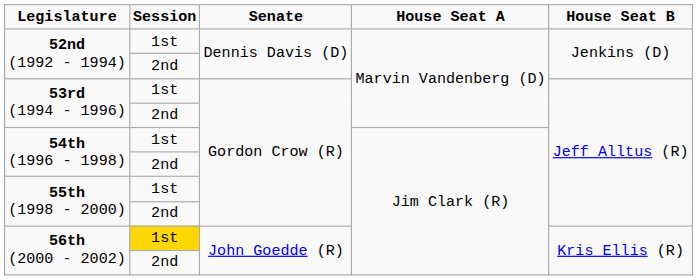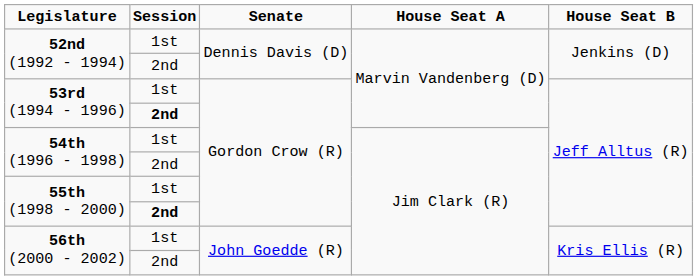 <table class=wikitable style="text-align:center">
 <tr>
 <td><strong>Legislature</strong></td>
 <td><strong>Session</strong></td>
 <td><strong>Senate</strong></td>
 <td><strong>House Seat A</strong></td>
 <td><strong>House Seat B</strong></td>
 </tr>
 <tr>
 <td rowspan="2" colspan="1" style="text-align: center;"><strong>52nd</strong> <br> (1992 - 1994)</td>
 <td>1st</td>
 <td rowspan="2" colspan="1" style="text-align: center;" >Dennis Davis (D)</td>
 <td rowspan="4" colspan="1" style="text-align: center;" >Marvin Vandenberg (D)</td>
 <td rowspan="2" colspan="1" style="text-align: center;" >Jenkins (D)</td>
 </tr>
 <tr>
 <td>2nd</td>
 </tr>
 <tr>
 <td rowspan="2" colspan="1" style="text-align: center;"><strong>53rd</strong> <br> (1994 - 1996)</td>
 <td>1st</td>
 <td rowspan="6" colspan="1" style="text-align: center;" >Gordon Crow (R)</td>
 <td rowspan="6" colspan="1" style="text-align: center;" ><a href='#'>Jeff Alltus</a> (R)</td>
 </tr>
 <tr>
-<td>2nd</td>
+<td><strong>2nd</strong></td>
 </tr>
 <tr>
 <td rowspan="2" colspan="1" style="text-align: center;"><strong>54th</strong> <br> (1996 - 1998)</td>
 <td>1st</td>
 <td rowspan="6" colspan="1" style="text-align: center;" >Jim Clark (R)</td>
 </tr>
 <tr>
 <td>2nd</td>
 </tr>
 <tr>
 <td rowspan="2" colspan="1" style="text-align: center;"><strong>55th</strong> <br> (1998 - 2000)</td>
 <td>1st</td>
 </tr>
 <tr>
-<td>2nd</td>
+<td><strong>2nd</strong></td>
 </tr>
 <tr>
 <td rowspan="2" colspan="1" style="text-align: center;"><strong>56th</strong> <br> (2000 - 2002)</td>
-<td style="background: gold;">1st</td>
+<td>1st</td>
 <td rowspan="2" colspan="1" style="text-align: center;" ><a href='#'>John Goedde</a> (R)</td>
 <td rowspan="2" colspan="1" style="text-align: center;" ><a href='#'>Kris Ellis</a> (R)</td>
 </tr>
 <tr>
 <td>2nd</td>
 </tr>
 </table>
